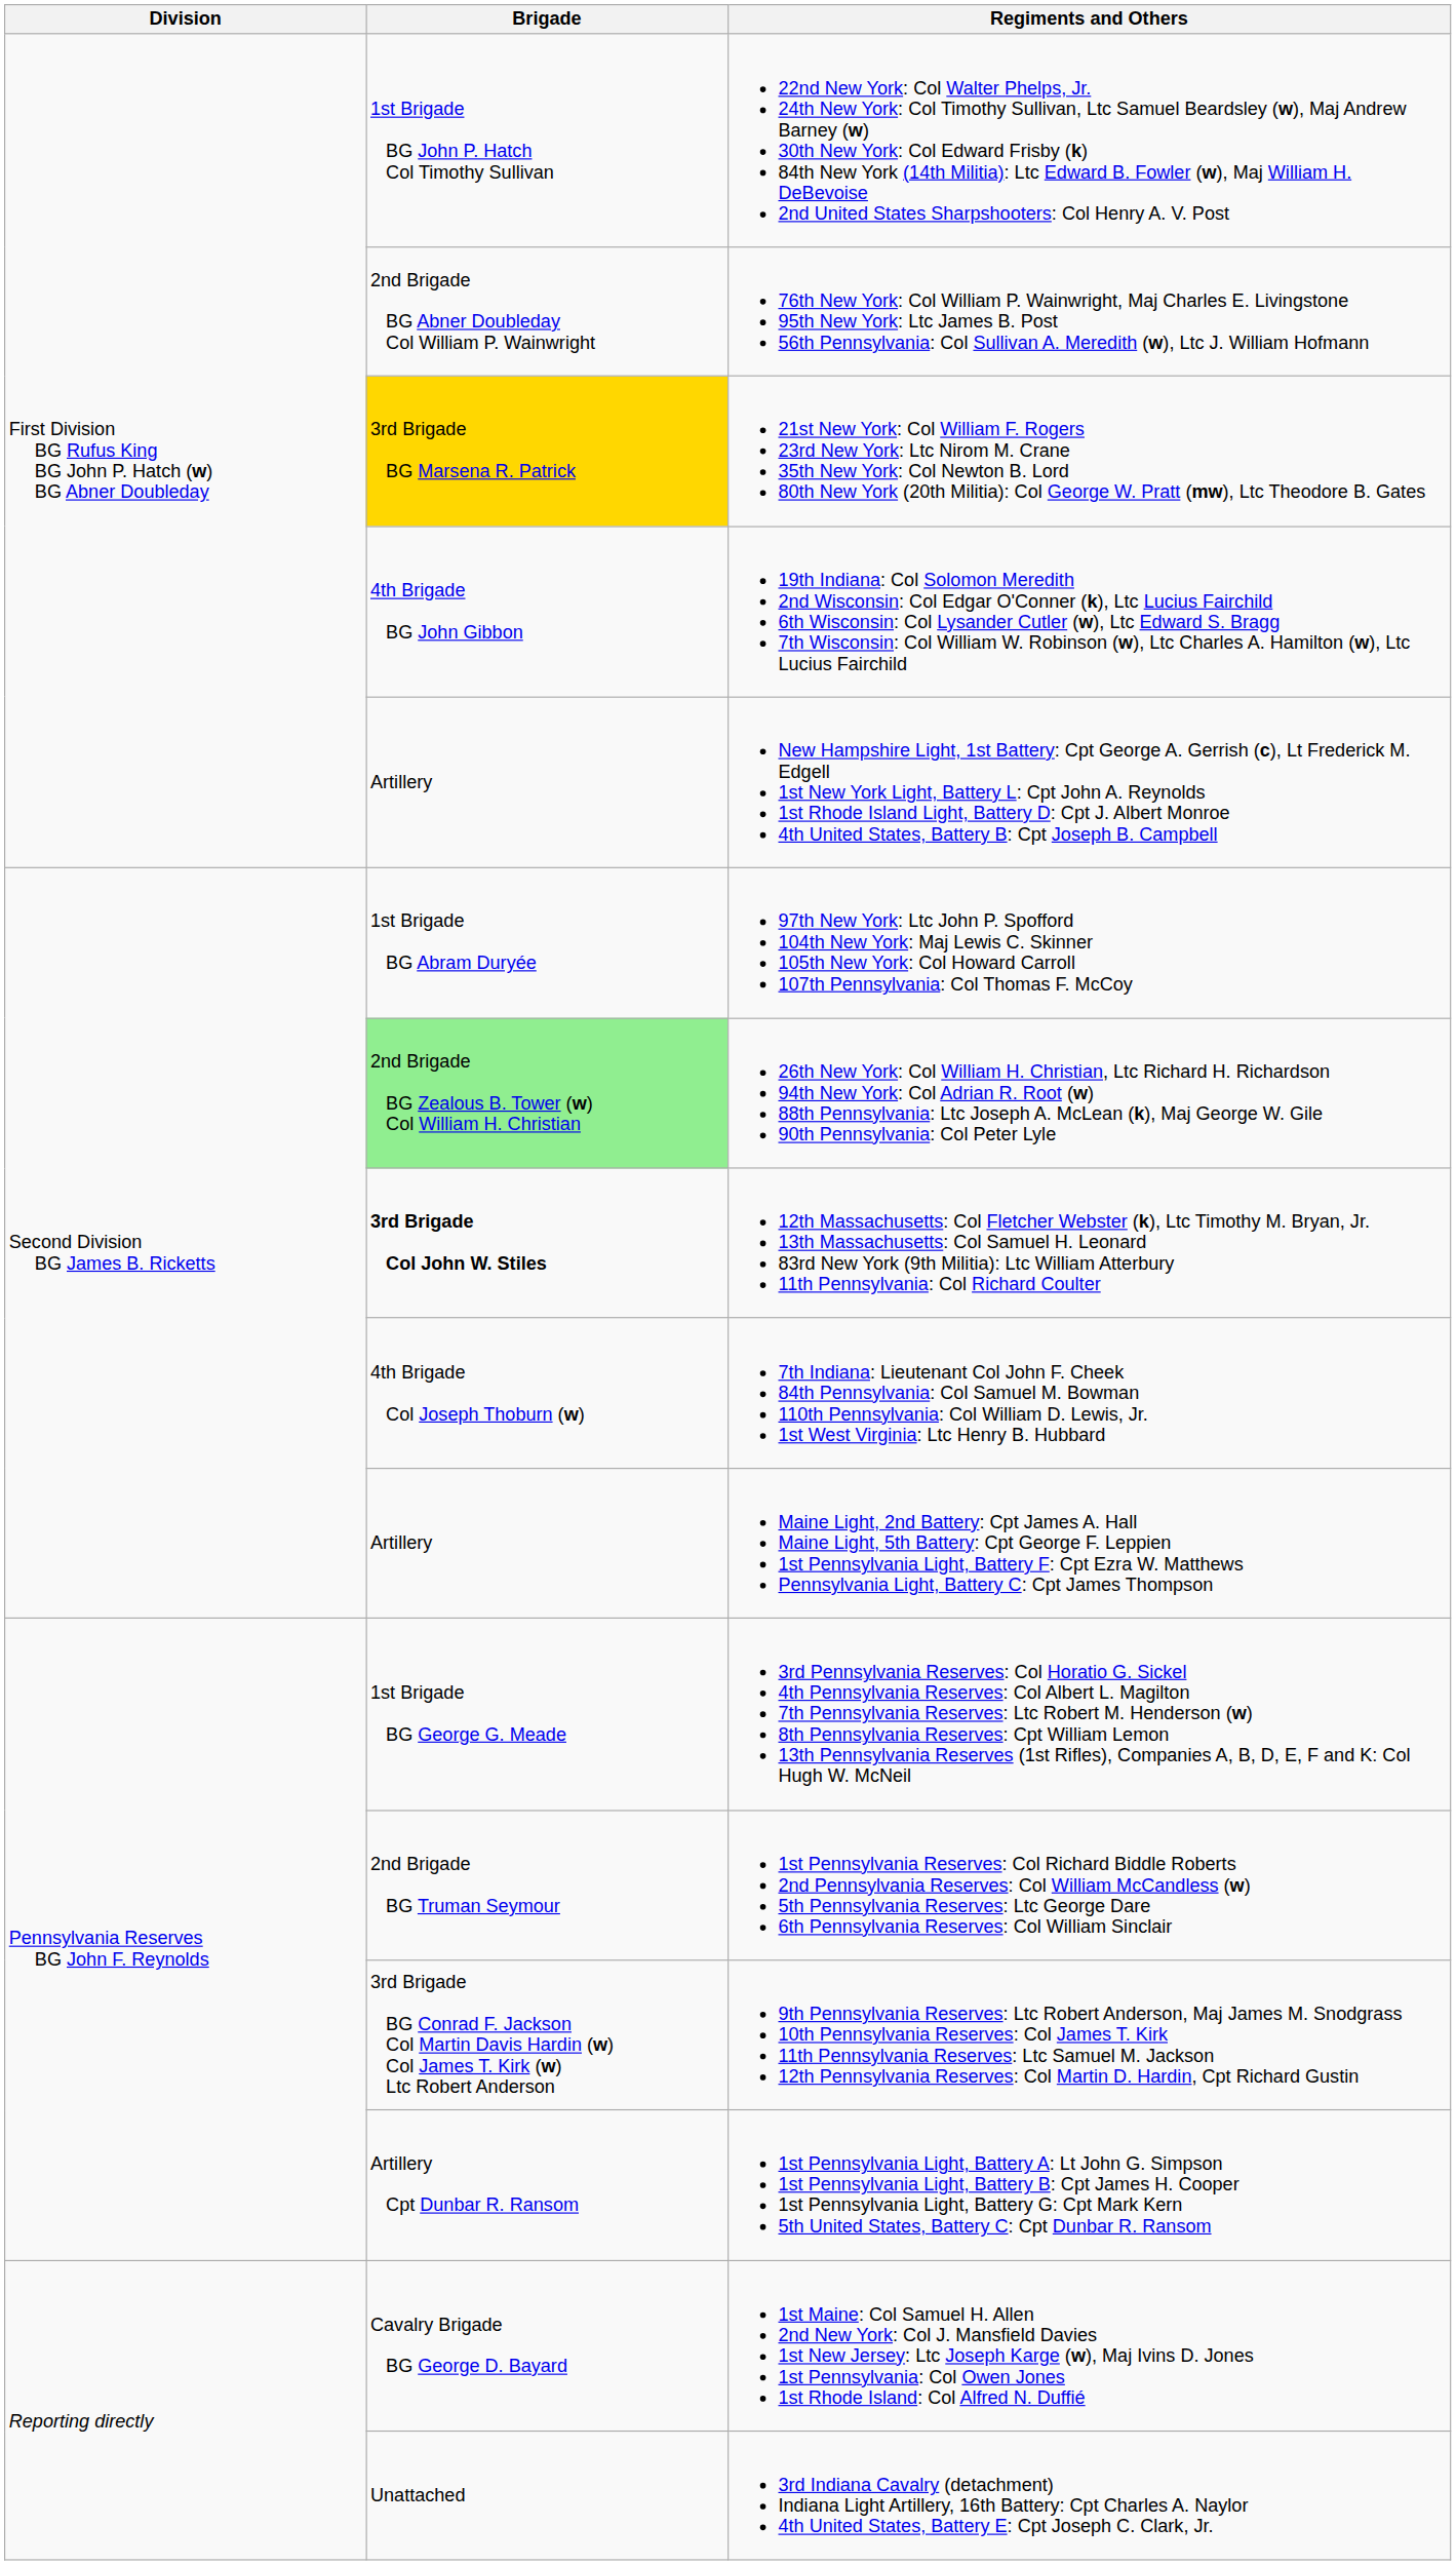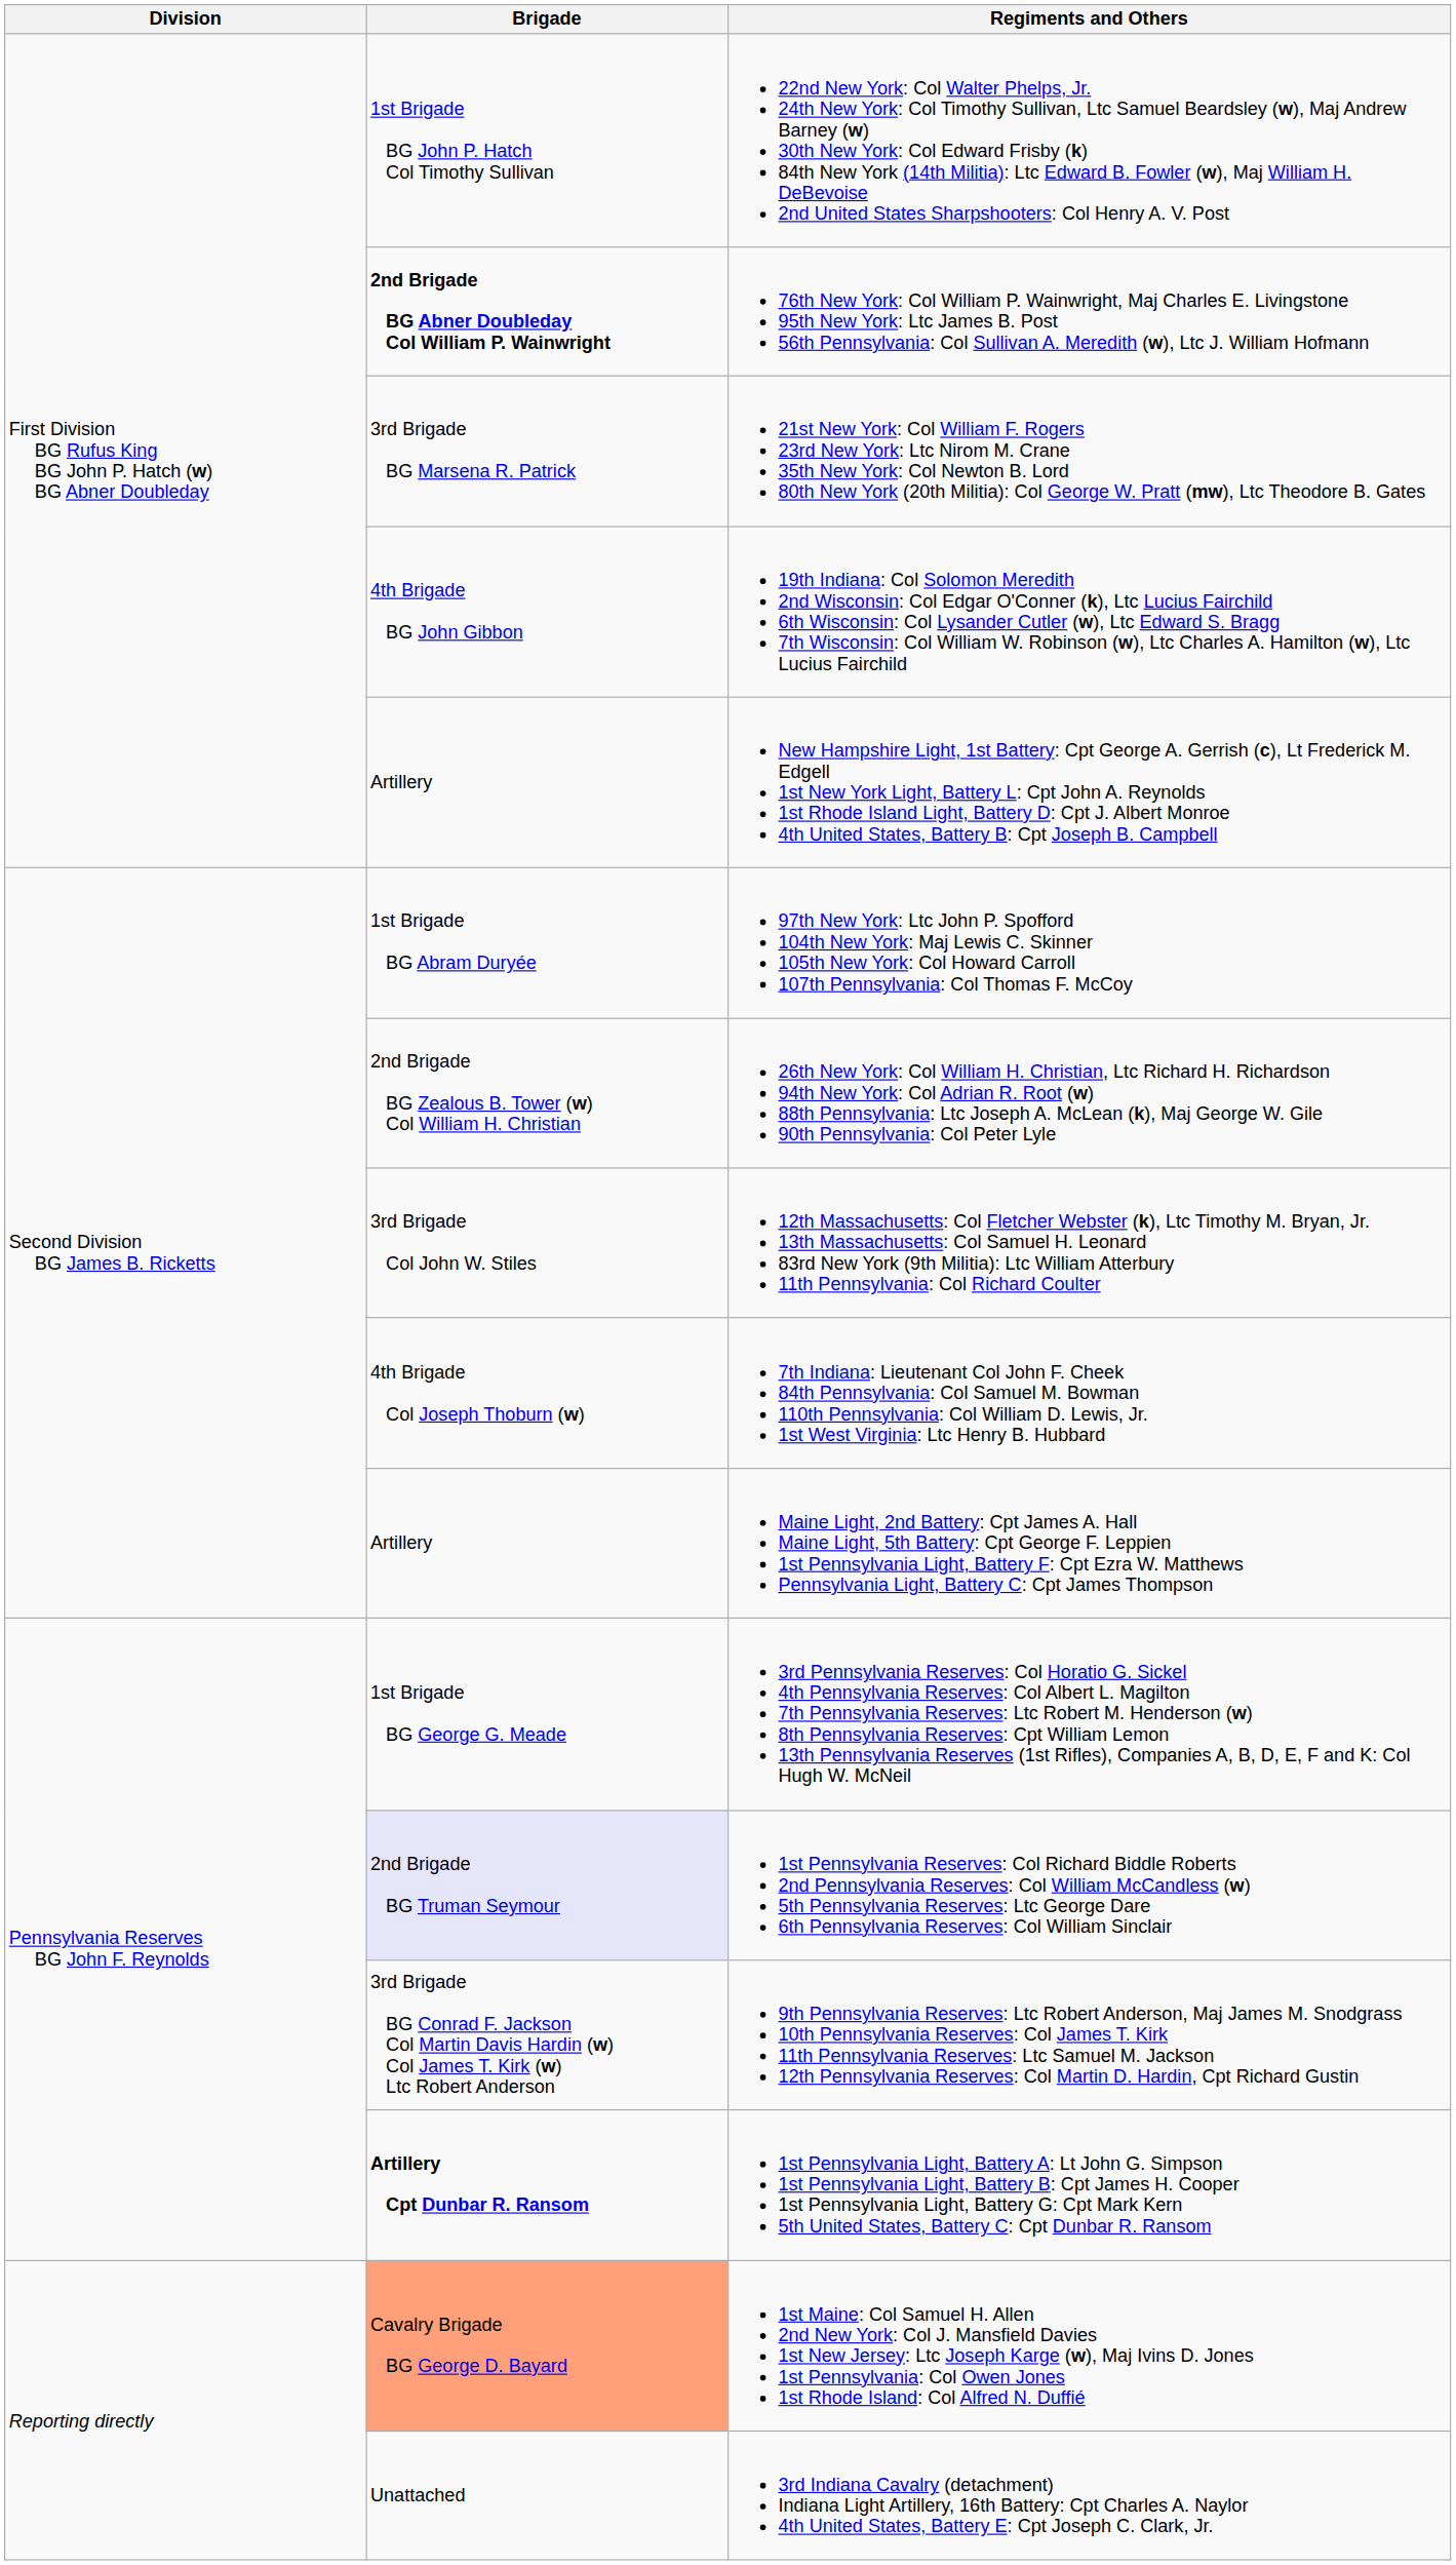 <table class="wikitable">
 <tr>
 <th width=25%>Division</th>
 <th width=25%>Brigade</th>
 <th>Regiments and Others</th>
 </tr>
 <tr>
 <td rowspan=5><br>First Division <br>     BG <a href='#'>Rufus King</a> <br>     BG John P. Hatch (<strong>w</strong>) <br>     BG <a href='#'>Abner Doubleday</a></td>
 <td><a href='#'>1st Brigade</a><br><br>   BG <a href='#'>John P. Hatch</a> <br>   Col Timothy Sullivan</td>
 <td><br><ul><li><a href='#'>22nd New York</a>: Col <a href='#'>Walter Phelps, Jr.</a></li><li><a href='#'>24th New York</a>: Col Timothy Sullivan, Ltc Samuel Beardsley (<strong>w</strong>), Maj Andrew Barney (<strong>w</strong>)</li><li><a href='#'>30th New York</a>: Col Edward Frisby (<strong>k</strong>)</li><li>84th New York <a href='#'>(14th Militia)</a>: Ltc <a href='#'>Edward B. Fowler</a> (<strong>w</strong>), Maj <a href='#'>William H. DeBevoise</a></li><li><a href='#'>2nd United States Sharpshooters</a>: Col Henry A. V. Post</li></ul></td>
 </tr>
 <tr>
-<td>2nd Brigade<br><br>   BG <a href='#'>Abner Doubleday</a> <br>   Col William P. Wainwright</td>
+<td><strong>2nd Brigade<br><br>   BG <a href='#'>Abner Doubleday</a> <br>   Col William P. Wainwright</strong></td>
 <td><br><ul><li><a href='#'>76th New York</a>: Col William P. Wainwright, Maj Charles E. Livingstone</li><li><a href='#'>95th New York</a>: Ltc James B. Post</li><li><a href='#'>56th Pennsylvania</a>: Col <a href='#'>Sullivan A. Meredith</a> (<strong>w</strong>), Ltc J. William Hofmann</li></ul></td>
 </tr>
 <tr>
-<td style="background: gold;">3rd Brigade<br><br>   BG <a href='#'>Marsena R. Patrick</a></td>
+<td>3rd Brigade<br><br>   BG <a href='#'>Marsena R. Patrick</a></td>
 <td><br><ul><li><a href='#'>21st New York</a>: Col <a href='#'>William F. Rogers</a></li><li><a href='#'>23rd New York</a>: Ltc Nirom M. Crane</li><li><a href='#'>35th New York</a>: Col Newton B. Lord</li><li><a href='#'>80th New York</a> (20th Militia): Col <a href='#'>George W. Pratt</a> (<strong>mw</strong>), Ltc Theodore B. Gates</li></ul></td>
 </tr>
 <tr>
 <td><a href='#'>4th Brigade</a><br><br>   BG <a href='#'>John Gibbon</a></td>
 <td><br><ul><li><a href='#'>19th Indiana</a>: Col <a href='#'>Solomon Meredith</a></li><li><a href='#'>2nd Wisconsin</a>: Col Edgar O'Conner (<strong>k</strong>), Ltc <a href='#'>Lucius Fairchild</a></li><li><a href='#'>6th Wisconsin</a>: Col <a href='#'>Lysander Cutler</a> (<strong>w</strong>), Ltc <a href='#'>Edward S. Bragg</a></li><li><a href='#'>7th Wisconsin</a>: Col William W. Robinson (<strong>w</strong>), Ltc Charles A. Hamilton (<strong>w</strong>), Ltc Lucius Fairchild</li></ul></td>
 </tr>
 <tr>
 <td>Artillery</td>
 <td><br><ul><li><a href='#'>New Hampshire Light, 1st Battery</a>: Cpt George A. Gerrish (<strong>c</strong>), Lt Frederick M. Edgell</li><li><a href='#'>1st New York Light, Battery L</a>: Cpt John A. Reynolds</li><li><a href='#'>1st Rhode Island Light, Battery D</a>: Cpt J. Albert Monroe</li><li><a href='#'>4th United States, Battery B</a>: Cpt <a href='#'>Joseph B. Campbell</a></li></ul></td>
 </tr>
 <tr>
 <td rowspan=5><br>Second Division <br>     BG <a href='#'>James B. Ricketts</a></td>
 <td>1st Brigade<br><br>   BG <a href='#'>Abram Duryée</a></td>
 <td><br><ul><li><a href='#'>97th New York</a>: Ltc John P. Spofford</li><li><a href='#'>104th New York</a>: Maj Lewis C. Skinner</li><li><a href='#'>105th New York</a>: Col Howard Carroll</li><li><a href='#'>107th Pennsylvania</a>: Col Thomas F. McCoy</li></ul></td>
 </tr>
 <tr>
-<td style="background: lightgreen;">2nd Brigade<br><br>   BG <a href='#'>Zealous B. Tower</a> (<strong>w</strong>) <br>   Col <a href='#'>William H. Christian</a></td>
+<td>2nd Brigade<br><br>   BG <a href='#'>Zealous B. Tower</a> (<strong>w</strong>) <br>   Col <a href='#'>William H. Christian</a></td>
 <td><br><ul><li><a href='#'>26th New York</a>: Col <a href='#'>William H. Christian</a>, Ltc Richard H. Richardson</li><li><a href='#'>94th New York</a>: Col <a href='#'>Adrian R. Root</a> (<strong>w</strong>)</li><li><a href='#'>88th Pennsylvania</a>: Ltc Joseph A. McLean (<strong>k</strong>), Maj George W. Gile</li><li><a href='#'>90th Pennsylvania</a>: Col Peter Lyle</li></ul></td>
 </tr>
 <tr>
-<td><strong>3rd Brigade<br><br>   Col John W. Stiles</strong></td>
+<td>3rd Brigade<br><br>   Col John W. Stiles</td>
 <td><br><ul><li><a href='#'>12th Massachusetts</a>: Col <a href='#'>Fletcher Webster</a> (<strong>k</strong>), Ltc Timothy M. Bryan, Jr.</li><li><a href='#'>13th Massachusetts</a>: Col Samuel H. Leonard</li><li>83rd New York (9th Militia): Ltc William Atterbury</li><li><a href='#'>11th Pennsylvania</a>: Col <a href='#'>Richard Coulter</a></li></ul></td>
 </tr>
 <tr>
 <td>4th Brigade<br><br>   Col <a href='#'>Joseph Thoburn</a> (<strong>w</strong>)</td>
 <td><br><ul><li><a href='#'>7th Indiana</a>: Lieutenant Col John F. Cheek</li><li><a href='#'>84th Pennsylvania</a>: Col Samuel M. Bowman</li><li><a href='#'>110th Pennsylvania</a>: Col William D. Lewis, Jr.</li><li><a href='#'>1st West Virginia</a>: Ltc Henry B. Hubbard</li></ul></td>
 </tr>
 <tr>
 <td>Artillery</td>
 <td><br><ul><li><a href='#'>Maine Light, 2nd Battery</a>: Cpt James A. Hall</li><li><a href='#'>Maine Light, 5th Battery</a>: Cpt George F. Leppien</li><li><a href='#'>1st Pennsylvania Light, Battery F</a>: Cpt Ezra W. Matthews</li><li><a href='#'>Pennsylvania Light, Battery C</a>: Cpt James Thompson</li></ul></td>
 </tr>
 <tr>
 <td rowspan=4><br><a href='#'>Pennsylvania Reserves</a> <br>     BG <a href='#'>John F. Reynolds</a></td>
 <td>1st Brigade<br><br>   BG <a href='#'>George G. Meade</a></td>
 <td><br><ul><li><a href='#'>3rd Pennsylvania Reserves</a>: Col <a href='#'>Horatio G. Sickel</a></li><li><a href='#'>4th Pennsylvania Reserves</a>: Col Albert L. Magilton</li><li><a href='#'>7th Pennsylvania Reserves</a>: Ltc Robert M. Henderson (<strong>w</strong>)</li><li><a href='#'>8th Pennsylvania Reserves</a>: Cpt William Lemon</li><li><a href='#'>13th Pennsylvania Reserves</a> (1st Rifles), Companies A, B, D, E, F and K: Col Hugh W. McNeil</li></ul></td>
 </tr>
 <tr>
-<td>2nd Brigade<br><br>   BG <a href='#'>Truman Seymour</a></td>
+<td style="background: lavender;">2nd Brigade<br><br>   BG <a href='#'>Truman Seymour</a></td>
 <td><br><ul><li><a href='#'>1st Pennsylvania Reserves</a>: Col Richard Biddle Roberts</li><li><a href='#'>2nd Pennsylvania Reserves</a>: Col <a href='#'>William McCandless</a> (<strong>w</strong>)</li><li><a href='#'>5th Pennsylvania Reserves</a>: Ltc George Dare</li><li><a href='#'>6th Pennsylvania Reserves</a>: Col William Sinclair</li></ul></td>
 </tr>
 <tr>
 <td>3rd Brigade<br><br>   BG <a href='#'>Conrad F. Jackson</a> <br>   Col <a href='#'>Martin Davis Hardin</a> (<strong>w</strong>) <br>   Col <a href='#'>James T. Kirk</a> (<strong>w</strong>) <br>   Ltc Robert Anderson</td>
 <td><br><ul><li><a href='#'>9th Pennsylvania Reserves</a>: Ltc Robert Anderson, Maj James M. Snodgrass</li><li><a href='#'>10th Pennsylvania Reserves</a>: Col <a href='#'>James T. Kirk</a></li><li><a href='#'>11th Pennsylvania Reserves</a>: Ltc Samuel M. Jackson</li><li><a href='#'>12th Pennsylvania Reserves</a>: Col <a href='#'>Martin D. Hardin</a>, Cpt Richard Gustin</li></ul></td>
 </tr>
 <tr>
-<td>Artillery<br><br>   Cpt <a href='#'>Dunbar R. Ransom</a></td>
+<td><strong>Artillery<br><br>   Cpt <a href='#'>Dunbar R. Ransom</a></strong></td>
 <td><br><ul><li><a href='#'>1st Pennsylvania Light, Battery A</a>: Lt John G. Simpson</li><li><a href='#'>1st Pennsylvania Light, Battery B</a>: Cpt James H. Cooper</li><li>1st Pennsylvania Light, Battery G: Cpt Mark Kern</li><li><a href='#'>5th United States, Battery C</a>: Cpt <a href='#'>Dunbar R. Ransom</a></li></ul></td>
 </tr>
 <tr>
 <td rowspan=2><br><em>Reporting directly</em></td>
-<td>Cavalry Brigade<br><br>   BG <a href='#'>George D. Bayard</a></td>
+<td style="background: lightsalmon;">Cavalry Brigade<br><br>   BG <a href='#'>George D. Bayard</a></td>
 <td><br><ul><li><a href='#'>1st Maine</a>: Col Samuel H. Allen</li><li><a href='#'>2nd New York</a>: Col J. Mansfield Davies</li><li><a href='#'>1st New Jersey</a>: Ltc <a href='#'>Joseph Karge</a> (<strong>w</strong>), Maj Ivins D. Jones</li><li><a href='#'>1st Pennsylvania</a>: Col <a href='#'>Owen Jones</a></li><li><a href='#'>1st Rhode Island</a>: Col <a href='#'>Alfred N. Duffié</a></li></ul></td>
 </tr>
 <tr>
 <td>Unattached</td>
 <td><br><ul><li><a href='#'>3rd Indiana Cavalry</a> (detachment)</li><li>Indiana Light Artillery, 16th Battery: Cpt Charles A. Naylor</li><li><a href='#'>4th United States, Battery E</a>: Cpt Joseph C. Clark, Jr.</li></ul></td>
 </tr>
 </table>
